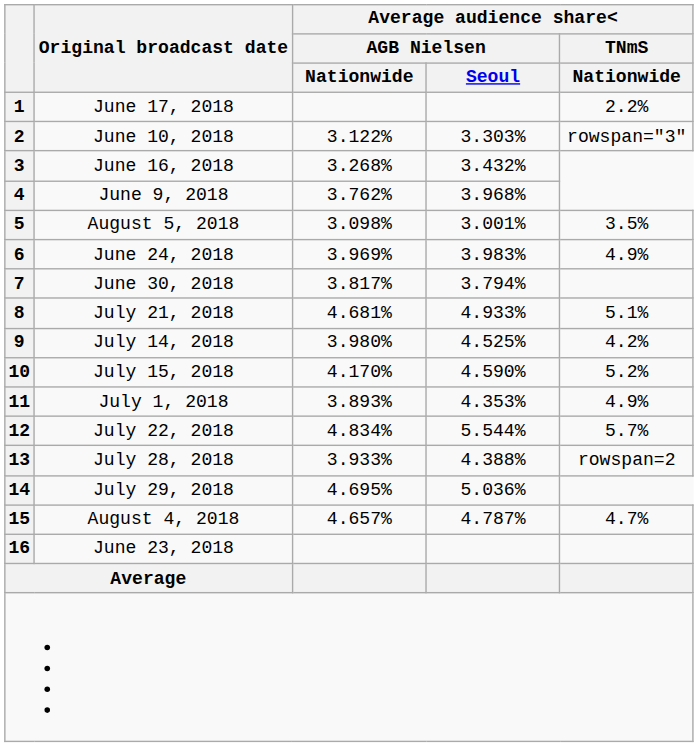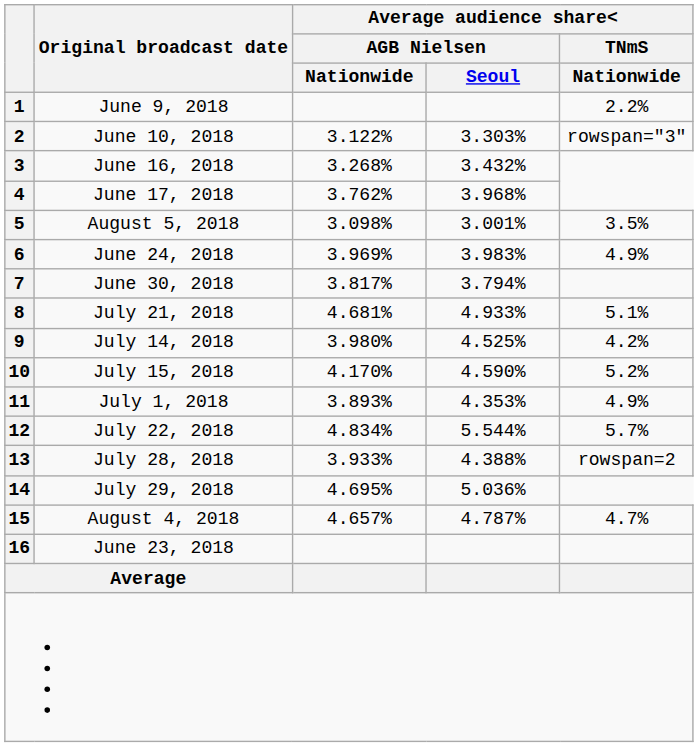 <table class="wikitable" style="text-align:center;max-width:550px; margin-left: auto; margin-right: auto; border: none;">
 <tr>
 </tr>
 <tr>
 <th rowspan="3"></th>
 <th rowspan="3">Original broadcast date</th>
 <th colspan="4">Average audience share<</th>
 </tr>
 <tr>
 <th colspan="2">AGB Nielsen</th>
 <th>TNmS</th>
 </tr>
 <tr>
 <th width="90">Nationwide</th>
 <th width="90"><a href='#'>Seoul</a></th>
 <th width="90">Nationwide</th>
 </tr>
 <tr>
 <th>1</th>
-<td>June 17, 2018</td>
+<td>June 9, 2018</td>
 <td></td>
 <td></td>
 <td>2.2%</td>
 </tr>
 <tr>
 <th>2</th>
 <td>June 10, 2018</td>
 <td>3.122%</td>
 <td>3.303%</td>
 <td>rowspan="3" </td>
 </tr>
 <tr>
 <th>3</th>
 <td>June 16, 2018</td>
 <td>3.268%</td>
 <td>3.432%</td>
 </tr>
 <tr>
 <th>4</th>
-<td>June 9, 2018</td>
+<td>June 17, 2018</td>
 <td>3.762%</td>
 <td>3.968%</td>
 </tr>
 <tr>
 <th>5</th>
 <td>August 5, 2018</td>
 <td>3.098%</td>
 <td>3.001%</td>
 <td>3.5%</td>
 </tr>
 <tr>
 <th>6</th>
 <td>June 24, 2018</td>
 <td>3.969%</td>
 <td>3.983%</td>
 <td>4.9%</td>
 </tr>
 <tr>
 <th>7</th>
 <td>June 30, 2018</td>
 <td>3.817%</td>
 <td>3.794%</td>
 <td></td>
 </tr>
 <tr>
 <th>8</th>
 <td>July 21, 2018</td>
 <td>4.681%</td>
 <td>4.933%</td>
 <td>5.1%</td>
 </tr>
 <tr>
 <th>9</th>
 <td>July 14, 2018</td>
 <td>3.980%</td>
 <td>4.525%</td>
 <td>4.2%</td>
 </tr>
 <tr>
 <th>10</th>
 <td>July 15, 2018</td>
 <td>4.170%</td>
 <td>4.590%</td>
 <td>5.2%</td>
 </tr>
 <tr>
 <th>11</th>
 <td>July 1, 2018</td>
 <td>3.893%</td>
 <td>4.353%</td>
 <td>4.9%</td>
 </tr>
 <tr>
 <th>12</th>
 <td>July 22, 2018</td>
 <td>4.834%</td>
 <td>5.544%</td>
 <td>5.7%</td>
 </tr>
 <tr>
 <th>13</th>
 <td>July 28, 2018</td>
 <td>3.933%</td>
 <td>4.388%</td>
 <td>rowspan=2 </td>
 </tr>
 <tr>
 <th>14</th>
 <td>July 29, 2018</td>
 <td>4.695%</td>
 <td>5.036%</td>
 </tr>
 <tr>
 <th>15</th>
 <td>August 4, 2018</td>
 <td>4.657%</td>
 <td>4.787%</td>
 <td>4.7%</td>
 </tr>
 <tr>
 <th>16</th>
 <td>June 23, 2018</td>
 <td></td>
 <td></td>
 <td></td>
 </tr>
 <tr>
 <th colspan=2>Average</th>
 <th></th>
 <th></th>
 <th></th>
 </tr>
 <tr>
 <td colspan="6"><br><ul><li></li><li></li><li></li><li></li></ul></td>
 </tr>
 </table>
